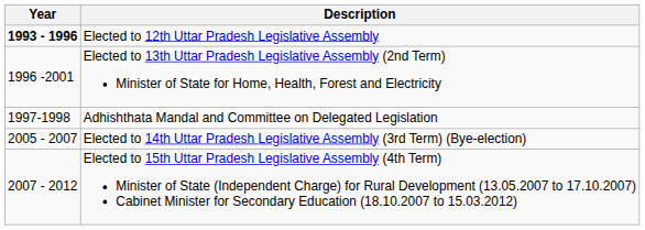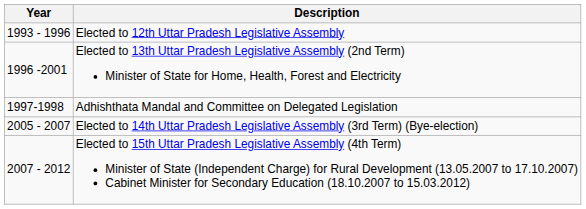 <table class="wikitable">
 <tr>
 <th>Year</th>
 <th>Description</th>
 </tr>
 <tr>
-<td><strong>1993 - 1996</strong></td>
+<td>1993 - 1996</td>
 <td>Elected to <a href='#'>12th Uttar Pradesh Legislative Assembly</a></td>
 </tr>
 <tr>
 <td>1996 -2001</td>
 <td>Elected to <a href='#'>13th Uttar Pradesh Legislative Assembly</a> (2nd Term)<br><ul><li>Minister of State for Home, Health, Forest and Electricity</li></ul></td>
 </tr>
 <tr>
 <td>1997-1998</td>
 <td>Adhishthata Mandal and Committee on Delegated Legislation</td>
 </tr>
 <tr>
 <td>2005 - 2007</td>
 <td>Elected to <a href='#'>14th Uttar Pradesh Legislative Assembly</a> (3rd Term) (Bye-election)</td>
 </tr>
 <tr>
 <td>2007 - 2012</td>
 <td>Elected to <a href='#'>15th Uttar Pradesh Legislative Assembly</a>  (4th Term)<br><ul><li>Minister of State (Independent Charge) for Rural Development (13.05.2007 to 17.10.2007)</li><li>Cabinet Minister for Secondary Education (18.10.2007 to 15.03.2012)</li></ul></td>
 </tr>
 </table>
